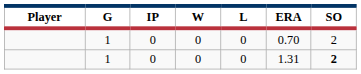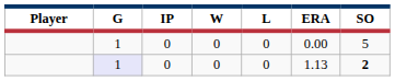 <table class="wikitable sortable">
 <tr>
 <th style="background:#FFFFFF; border-top:#023465 5px solid; border-bottom:#ba313c 5px solid;" width="16%">Player</th>
 <th style="background:#FFFFFF; border-top:#023465 5px solid; border-bottom:#ba313c 5px solid;" width="9%">G</th>
 <th style="background:#FFFFFF; border-top:#023465 5px solid; border-bottom:#ba313c 5px solid;" width="9%">IP</th>
 <th style="background:#FFFFFF; border-top:#023465 5px solid; border-bottom:#ba313c 5px solid;" width="9%">W</th>
 <th style="background:#FFFFFF; border-top:#023465 5px solid; border-bottom:#ba313c 5px solid;" width="9%">L</th>
 <th style="background:#FFFFFF; border-top:#023465 5px solid; border-bottom:#ba313c 5px solid;" width="9%">ERA</th>
 <th style="background:#FFFFFF; border-top:#023465 5px solid; border-bottom:#ba313c 5px solid;" width="9%">SO</th>
 </tr>
 <tr align="center">
 <td></td>
 <td>1</td>
 <td>0</td>
 <td>0</td>
 <td>0</td>
-<td>0.70</td>
-<td>2</td>
+<td>0.00</td>
+<td>5</td>
 </tr>
 <tr align="center">
 <td></td>
-<td>1</td>
+<td style="background: lavender;">1</td>
 <td>0</td>
 <td>0</td>
 <td>0</td>
-<td>1.31</td>
+<td>1.13</td>
 <td><strong>2</strong></td>
 </tr>
 </table>
